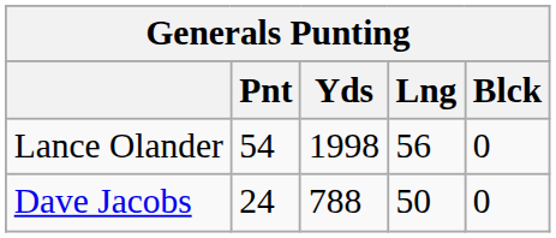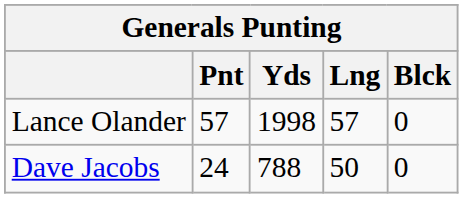 <table class="wikitable">
 <tr>
 <th colspan="5">Generals Punting</th>
 </tr>
 <tr>
 <th></th>
 <th>Pnt</th>
 <th>Yds</th>
 <th>Lng</th>
 <th>Blck</th>
 </tr>
 <tr>
 <td>Lance Olander</td>
-<td>54</td>
+<td>57</td>
 <td>1998</td>
-<td>56</td>
+<td>57</td>
 <td>0</td>
 </tr>
 <tr>
 <td><a href='#'>Dave Jacobs</a></td>
 <td>24</td>
 <td>788</td>
 <td>50</td>
 <td>0</td>
 </tr>
 </table>
